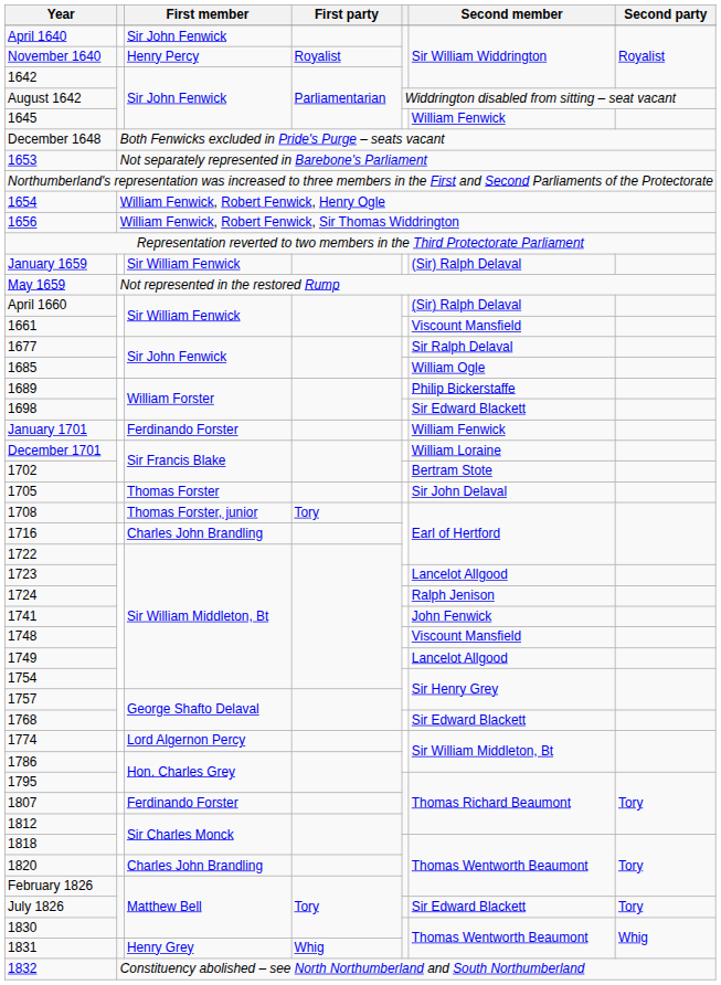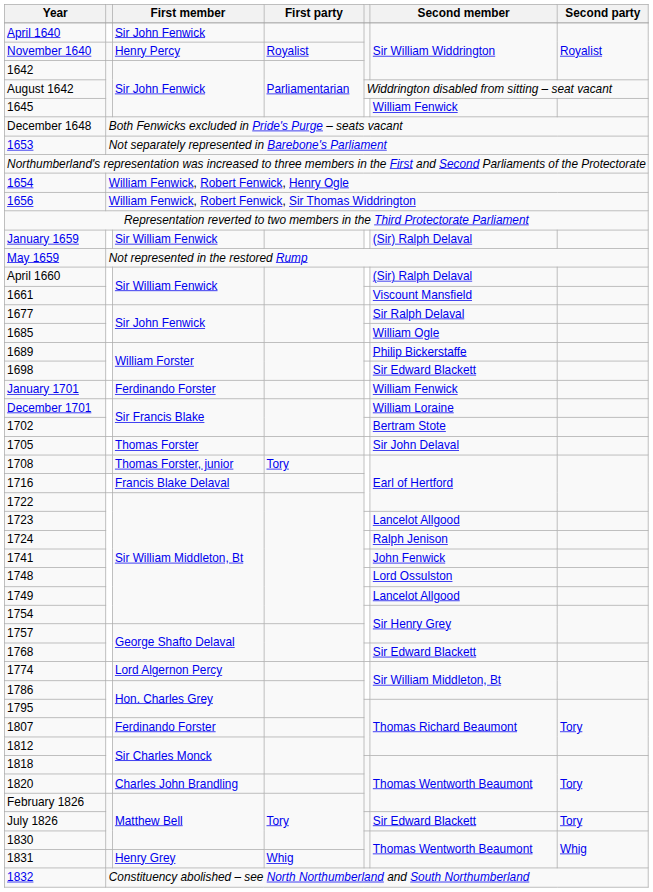 <table class="wikitable">
 <tr>
 <th>Year</th>
 <th></th>
 <th>First member</th>
 <th>First party</th>
 <th></th>
 <th>Second member</th>
 <th>Second party</th>
 </tr>
 <tr>
 </tr>
 <tr>
 <td><a href='#'>April 1640</a></td>
 <td style="color:inherit;background-color: white"></td>
 <td><a href='#'>Sir John Fenwick</a></td>
 <td></td>
 <td rowspan="3" style="color:inherit;background-color: "></td>
 <td rowspan="3"><a href='#'>Sir William Widdrington</a></td>
 <td rowspan="3"><a href='#'>Royalist</a></td>
 </tr>
 <tr>
 <td><a href='#'>November 1640</a></td>
 <td style="color:inherit;background-color: "></td>
 <td><a href='#'>Henry Percy</a></td>
 <td><a href='#'>Royalist</a></td>
 </tr>
 <tr>
 <td>1642</td>
 <td rowspan="3" style="color:inherit;background-color: "></td>
 <td rowspan="3"><a href='#'>Sir John Fenwick</a></td>
 <td rowspan="3"><a href='#'>Parliamentarian</a></td>
 </tr>
 <tr>
 <td>August 1642</td>
 <td colspan="3"><em>Widdrington disabled from sitting – seat vacant</em></td>
 </tr>
 <tr>
 <td>1645</td>
 <td style="color:inherit;background-color: white"></td>
 <td><a href='#'>William Fenwick</a></td>
 <td></td>
 </tr>
 <tr>
 <td>December 1648</td>
 <td colspan="6"><em>Both Fenwicks excluded in <a href='#'>Pride's Purge</a> – seats vacant</em></td>
 </tr>
 <tr>
 <td><a href='#'>1653</a></td>
 <td colspan="6"><em>Not separately represented in <a href='#'>Barebone's Parliament</a></em></td>
 </tr>
 <tr>
 <td colspan="7"><em>Northumberland's representation was increased to three members in the <a href='#'>First</a> and <a href='#'>Second</a> Parliaments of the Protectorate</em></td>
 </tr>
 <tr>
 <td><a href='#'>1654</a></td>
 <td colspan="6"><a href='#'>William Fenwick</a>, <a href='#'>Robert Fenwick</a>, <a href='#'>Henry Ogle</a></td>
 </tr>
 <tr>
 <td><a href='#'>1656</a></td>
 <td colspan="6"><a href='#'>William Fenwick</a>, <a href='#'>Robert Fenwick</a>, <a href='#'>Sir Thomas Widdrington</a></td>
 </tr>
 <tr>
 <td colspan="7" align="center"><em>Representation reverted to two members in the <a href='#'>Third Protectorate Parliament</a></em></td>
 </tr>
 <tr>
 <td><a href='#'>January 1659</a></td>
 <td style="color:inherit;background-color: white"></td>
 <td><a href='#'>Sir William Fenwick</a></td>
 <td></td>
 <td style="color:inherit;background-color: white"></td>
 <td><a href='#'>(Sir) Ralph Delaval</a></td>
 <td></td>
 </tr>
 <tr>
 <td><a href='#'>May 1659</a></td>
 <td colspan="6"><em>Not represented in the restored <a href='#'>Rump</a></em></td>
 </tr>
 <tr>
 <td>April 1660</td>
 <td rowspan="2" style="color:inherit;background-color: white"></td>
 <td rowspan="2"><a href='#'>Sir William Fenwick</a></td>
 <td rowspan="2"></td>
 <td style="color:inherit;background-color: white"></td>
 <td><a href='#'>(Sir) Ralph Delaval</a></td>
 <td></td>
 </tr>
 <tr>
 <td>1661</td>
 <td style="color:inherit;background-color: white"></td>
 <td><a href='#'>Viscount Mansfield</a></td>
 <td></td>
 </tr>
 <tr>
 <td>1677</td>
 <td rowspan="2" style="color:inherit;background-color: white"></td>
 <td rowspan="2"><a href='#'>Sir John Fenwick</a></td>
 <td rowspan="2"></td>
 <td style="color:inherit;background-color: white"></td>
 <td><a href='#'>Sir Ralph Delaval</a></td>
 <td></td>
 </tr>
 <tr>
 <td>1685</td>
 <td style="color:inherit;background-color: white"></td>
 <td><a href='#'>William Ogle</a></td>
 <td></td>
 </tr>
 <tr>
 <td>1689</td>
 <td rowspan="2" style="color:inherit;background-color: white"></td>
 <td rowspan="2"><a href='#'>William Forster</a></td>
 <td rowspan="2"></td>
 <td style="color:inherit;background-color: white"></td>
 <td><a href='#'>Philip Bickerstaffe</a></td>
 <td></td>
 </tr>
 <tr>
 <td>1698</td>
 <td style="color:inherit;background-color: white"></td>
 <td><a href='#'>Sir Edward Blackett</a></td>
 <td></td>
 </tr>
 <tr>
 <td><a href='#'>January 1701</a></td>
 <td style="color:inherit;background-color: white"></td>
 <td><a href='#'>Ferdinando Forster</a></td>
 <td></td>
 <td style="color:inherit;background-color: white"></td>
 <td><a href='#'>William Fenwick</a></td>
 <td></td>
 </tr>
 <tr>
 <td><a href='#'>December 1701</a></td>
 <td rowspan="2" style="color:inherit;background-color: white"></td>
 <td rowspan="2"><a href='#'>Sir Francis Blake</a></td>
 <td rowspan="2"></td>
 <td style="color:inherit;background-color: white"></td>
 <td><a href='#'>William Loraine</a></td>
 <td></td>
 </tr>
 <tr>
 <td>1702</td>
 <td style="color:inherit;background-color: white"></td>
 <td><a href='#'>Bertram Stote</a></td>
 <td></td>
 </tr>
 <tr>
 <td>1705</td>
 <td style="color:inherit;background-color: white"></td>
 <td><a href='#'>Thomas Forster</a></td>
 <td></td>
 <td style="color:inherit;background-color: white"></td>
 <td><a href='#'>Sir John Delaval</a></td>
 <td></td>
 </tr>
 <tr>
 <td>1708</td>
 <td style="color:inherit;background-color: "></td>
 <td><a href='#'>Thomas Forster, junior</a></td>
 <td><a href='#'>Tory</a></td>
 <td rowspan="3"  style="color:inherit;background-color: white"></td>
 <td rowspan="3"><a href='#'>Earl of Hertford</a></td>
 <td rowspan="3"></td>
 </tr>
 <tr>
 <td>1716</td>
 <td style="color:inherit;background-color: white"></td>
-<td><a href='#'>Charles John Brandling</a></td>
+<td><a href='#'>Francis Blake Delaval</a></td>
 <td></td>
 </tr>
 <tr>
 <td>1722</td>
 <td rowspan="7" style="color:inherit;background-color: white"></td>
 <td rowspan="7"><a href='#'>Sir William Middleton, Bt</a></td>
 <td rowspan="7"></td>
 </tr>
 <tr>
 <td>1723</td>
 <td style="color:inherit;background-color: white"></td>
 <td><a href='#'>Lancelot Allgood</a></td>
 <td></td>
 </tr>
 <tr>
 <td>1724</td>
 <td style="color:inherit;background-color: white"></td>
 <td><a href='#'>Ralph Jenison</a></td>
 <td></td>
 </tr>
 <tr>
 <td>1741</td>
 <td style="color:inherit;background-color: white"></td>
 <td><a href='#'>John Fenwick</a></td>
 <td></td>
 </tr>
 <tr>
 <td>1748</td>
 <td style="color:inherit;background-color: white"></td>
-<td><a href='#'>Viscount Mansfield</a></td>
+<td><a href='#'>Lord Ossulston</a></td>
 <td></td>
 </tr>
 <tr>
 <td>1749</td>
 <td style="color:inherit;background-color: white"></td>
 <td><a href='#'>Lancelot Allgood</a></td>
 <td></td>
 </tr>
 <tr>
 <td>1754</td>
 <td rowspan="2" style="color:inherit;background-color: white"></td>
 <td rowspan="2"><a href='#'>Sir Henry Grey</a></td>
 <td rowspan="2"></td>
 </tr>
 <tr>
 <td>1757</td>
 <td rowspan="2" style="color:inherit;background-color: white"></td>
 <td rowspan="2"><a href='#'>George Shafto Delaval</a></td>
 <td rowspan="2"></td>
 </tr>
 <tr>
 <td>1768</td>
 <td style="color:inherit;background-color: white"></td>
 <td><a href='#'>Sir Edward Blackett</a></td>
 <td></td>
 </tr>
 <tr>
 <td>1774</td>
 <td style="color:inherit;background-color: white"></td>
 <td><a href='#'>Lord Algernon Percy</a></td>
 <td></td>
 <td rowspan="2" style="color:inherit;background-color: white"></td>
 <td rowspan="2"><a href='#'>Sir William Middleton, Bt</a></td>
 <td rowspan="2"></td>
 </tr>
 <tr>
 <td>1786</td>
 <td rowspan="2" style="color:inherit;background-color: white"></td>
 <td rowspan="2"><a href='#'>Hon. Charles Grey</a></td>
 <td rowspan="2"></td>
 </tr>
 <tr>
 <td>1795</td>
 <td rowspan="3" style="color:inherit;background-color: "></td>
 <td rowspan="3"><a href='#'>Thomas Richard Beaumont</a></td>
 <td rowspan="3"><a href='#'>Tory</a></td>
 </tr>
 <tr>
 <td>1807</td>
 <td style="color:inherit;background-color: white"></td>
 <td><a href='#'>Ferdinando Forster</a></td>
 <td></td>
 </tr>
 <tr>
 <td>1812</td>
 <td rowspan="2"  style="color:inherit;background-color: white"></td>
 <td rowspan="2"><a href='#'>Sir Charles Monck</a></td>
 <td rowspan="2"></td>
 </tr>
 <tr>
 <td>1818</td>
 <td rowspan="3" style="color:inherit;background-color: "></td>
 <td rowspan="3"><a href='#'>Thomas Wentworth Beaumont</a></td>
 <td rowspan="3"><a href='#'>Tory</a></td>
 </tr>
 <tr>
 <td>1820</td>
 <td style="color:inherit;background-color: white"></td>
 <td><a href='#'>Charles John Brandling</a></td>
 <td></td>
 </tr>
 <tr>
 <td>February 1826</td>
 <td rowspan="3" style="color:inherit;background-color: "></td>
 <td rowspan="3"><a href='#'>Matthew Bell</a></td>
 <td rowspan="3"><a href='#'>Tory</a></td>
 </tr>
 <tr>
 <td>July 1826</td>
 <td style="color:inherit;background-color: "></td>
 <td><a href='#'>Sir Edward Blackett</a></td>
 <td><a href='#'>Tory</a></td>
 </tr>
 <tr>
 <td>1830</td>
 <td rowspan="2" style="color:inherit;background-color: "></td>
 <td rowspan="2"><a href='#'>Thomas Wentworth Beaumont</a></td>
 <td rowspan="2"><a href='#'>Whig</a></td>
 </tr>
 <tr>
 <td>1831</td>
 <td style="color:inherit;background-color: "></td>
 <td><a href='#'>Henry Grey</a></td>
 <td><a href='#'>Whig</a></td>
 </tr>
 <tr>
 <td><a href='#'>1832</a></td>
 <td colspan="6"><em>Constituency abolished – see <a href='#'>North Northumberland</a> and <a href='#'>South Northumberland</a></em></td>
 </tr>
 </table>
